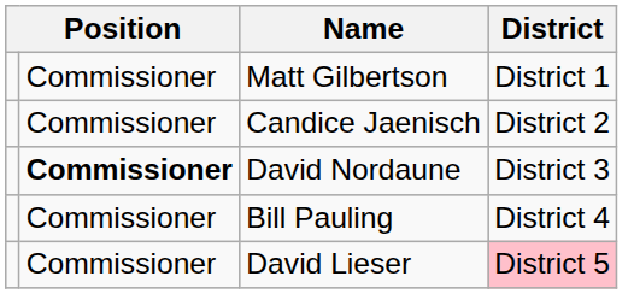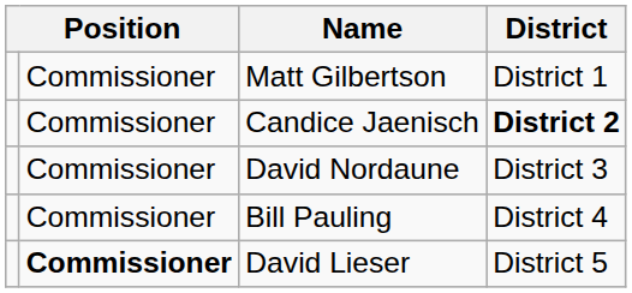 <table class="wikitable">
 <tr>
 <th colspan="2">Position</th>
 <th>Name</th>
 <th>District</th>
 </tr>
 <tr>
 <td></td>
 <td>Commissioner</td>
 <td>Matt Gilbertson</td>
 <td>District 1</td>
 </tr>
 <tr>
 <td></td>
 <td>Commissioner</td>
 <td>Candice Jaenisch</td>
-<td>District 2</td>
+<td><strong>District 2</strong></td>
 </tr>
 <tr>
 <td></td>
-<td><strong>Commissioner</strong></td>
+<td>Commissioner</td>
 <td>David Nordaune</td>
 <td>District 3</td>
 </tr>
 <tr>
 <td></td>
 <td>Commissioner</td>
 <td>Bill Pauling</td>
 <td>District 4</td>
 </tr>
 <tr>
 <td></td>
-<td>Commissioner</td>
+<td><strong>Commissioner</strong></td>
 <td>David Lieser</td>
-<td style="background: pink;">District 5</td>
+<td>District 5</td>
 </tr>
 </table>
